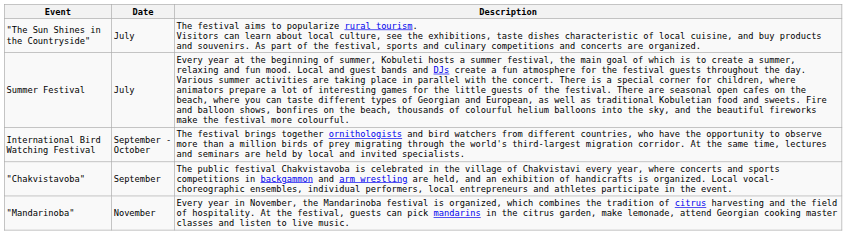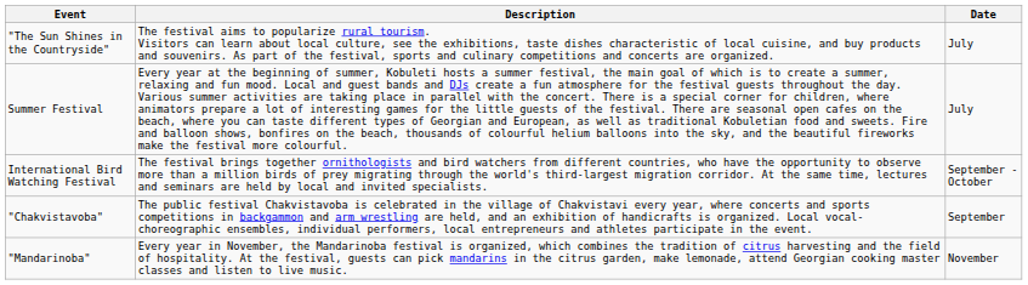 <table class="wikitable">
 <tr>
 <th>Event</th>
+<th>Description</th>
 <th>Date</th>
-<th>Description</th>
 </tr>
 <tr>
 <td>"The Sun Shines in the Countryside"</td>
+<td>The festival aims to popularize <a href='#'>rural tourism</a>.<br>Visitors can learn about local culture, see the exhibitions, taste dishes characteristic of local cuisine, and buy products and souvenirs. As part of the festival, sports and culinary competitions and concerts are organized.</td>
 <td>July</td>
-<td>The festival aims to popularize <a href='#'>rural tourism</a>.<br>Visitors can learn about local culture, see the exhibitions, taste dishes characteristic of local cuisine, and buy products and souvenirs. As part of the festival, sports and culinary competitions and concerts are organized.</td>
 </tr>
 <tr>
 <td>Summer Festival</td>
+<td>Every year at the beginning of summer, Kobuleti hosts a summer festival, the main goal of which is to create a summer, relaxing and fun mood. Local and guest bands and <a href='#'>DJs</a> create a fun atmosphere for the festival guests throughout the day.<br>Various summer activities are taking place in parallel with the concert. There is a special corner for children, where animators prepare a lot of interesting games for the little guests of the festival.  There are seasonal open cafes on the beach, where you can taste different types of Georgian and European, as well as traditional Kobuletian food and sweets. Fire and balloon shows, bonfires on the beach, thousands of colourful helium balloons into the sky, and the beautiful fireworks make the festival more colourful.</td>
 <td>July</td>
-<td>Every year at the beginning of summer, Kobuleti hosts a summer festival, the main goal of which is to create a summer, relaxing and fun mood. Local and guest bands and <a href='#'>DJs</a> create a fun atmosphere for the festival guests throughout the day.<br>Various summer activities are taking place in parallel with the concert. There is a special corner for children, where animators prepare a lot of interesting games for the little guests of the festival.  There are seasonal open cafes on the beach, where you can taste different types of Georgian and European, as well as traditional Kobuletian food and sweets. Fire and balloon shows, bonfires on the beach, thousands of colourful helium balloons into the sky, and the beautiful fireworks make the festival more colourful.</td>
 </tr>
 <tr>
 <td>International Bird Watching Festival</td>
+<td>The festival brings together <a href='#'>ornithologists</a> and bird watchers from different countries, who have the opportunity to observe more than a million birds of prey migrating through the world's third-largest migration corridor. At the same time, lectures and seminars are held by local and invited specialists.</td>
 <td>September - October</td>
-<td>The festival brings together <a href='#'>ornithologists</a> and bird watchers from different countries, who have the opportunity to observe more than a million birds of prey migrating through the world's third-largest migration corridor. At the same time, lectures and seminars are held by local and invited specialists.</td>
 </tr>
 <tr>
 <td>"Chakvistavoba"</td>
+<td>The public festival Chakvistavoba is celebrated in the village of Chakvistavi every year, where concerts and sports competitions in <a href='#'>backgammon</a> and <a href='#'>arm wrestling</a> are held, and an exhibition of handicrafts is organized. Local vocal-choreographic ensembles, individual performers, local entrepreneurs and athletes participate in the event.</td>
 <td>September</td>
-<td>The public festival Chakvistavoba is celebrated in the village of Chakvistavi every year, where concerts and sports competitions in <a href='#'>backgammon</a> and <a href='#'>arm wrestling</a> are held, and an exhibition of handicrafts is organized. Local vocal-choreographic ensembles, individual performers, local entrepreneurs and athletes participate in the event.</td>
 </tr>
 <tr>
 <td>"Mandarinoba"</td>
+<td>Every year in November, the Mandarinoba festival is organized, which combines the tradition of <a href='#'>citrus</a> harvesting and the field of hospitality. At the festival, guests can pick <a href='#'>mandarins</a> in the citrus garden, make lemonade, attend Georgian cooking master classes and listen to live music.</td>
 <td>November</td>
-<td>Every year in November, the Mandarinoba festival is organized, which combines the tradition of <a href='#'>citrus</a> harvesting and the field of hospitality. At the festival, guests can pick <a href='#'>mandarins</a> in the citrus garden, make lemonade, attend Georgian cooking master classes and listen to live music.</td>
 </tr>
 </table>
